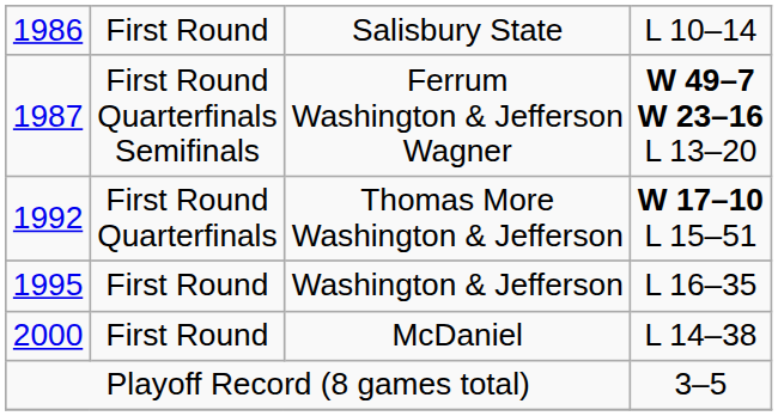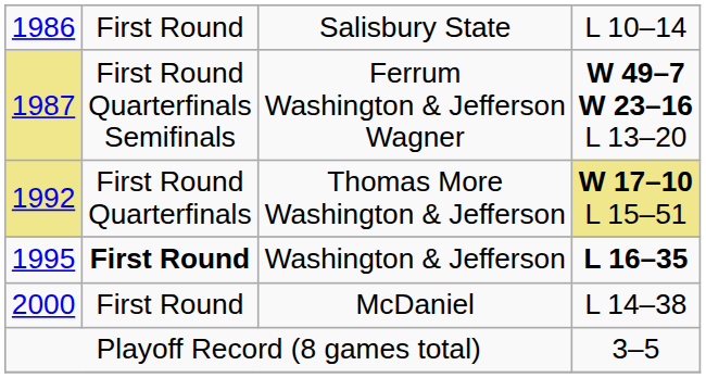 <table class="wikitable" style="text-align:center">
 <tr align="center">
 <td><a href='#'>1986</a></td>
 <td>First Round</td>
 <td>Salisbury State</td>
 <td>L 10–14</td>
 </tr>
 <tr align="center">
-<td><a href='#'>1987</a></td>
+<td style="background: khaki;"><a href='#'>1987</a></td>
 <td>First Round<br>Quarterfinals<br>Semifinals</td>
 <td>Ferrum<br>Washington & Jefferson<br>Wagner</td>
 <td><strong>W 49–7</strong><br><strong>W 23–16</strong><br>L 13–20</td>
 </tr>
 <tr align="center">
-<td><a href='#'>1992</a></td>
+<td style="background: khaki;"><a href='#'>1992</a></td>
 <td>First Round<br>Quarterfinals</td>
 <td>Thomas More<br>Washington & Jefferson</td>
-<td><strong>W 17–10</strong><br>L 15–51</td>
+<td style="background: khaki;"><strong>W 17–10</strong><br>L 15–51</td>
 </tr>
 <tr align="center">
 <td><a href='#'>1995</a></td>
-<td>First Round</td>
+<td><strong>First Round</strong></td>
 <td>Washington & Jefferson</td>
-<td>L 16–35</td>
+<td><strong>L 16–35</strong></td>
 </tr>
 <tr align="center">
 <td><a href='#'>2000</a></td>
 <td>First Round</td>
 <td>McDaniel</td>
 <td>L 14–38</td>
 </tr>
 <tr align="center">
 <td colspan=3>Playoff Record (8 games total)</td>
 <td colspan=2>3–5</td>
 </tr>
 <tr>
 </tr>
 </table>
